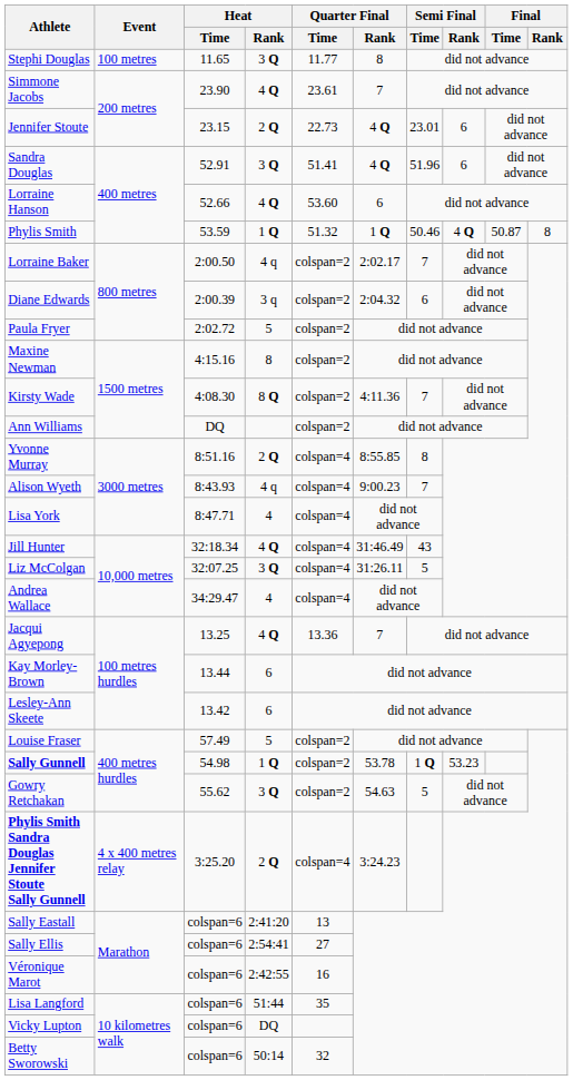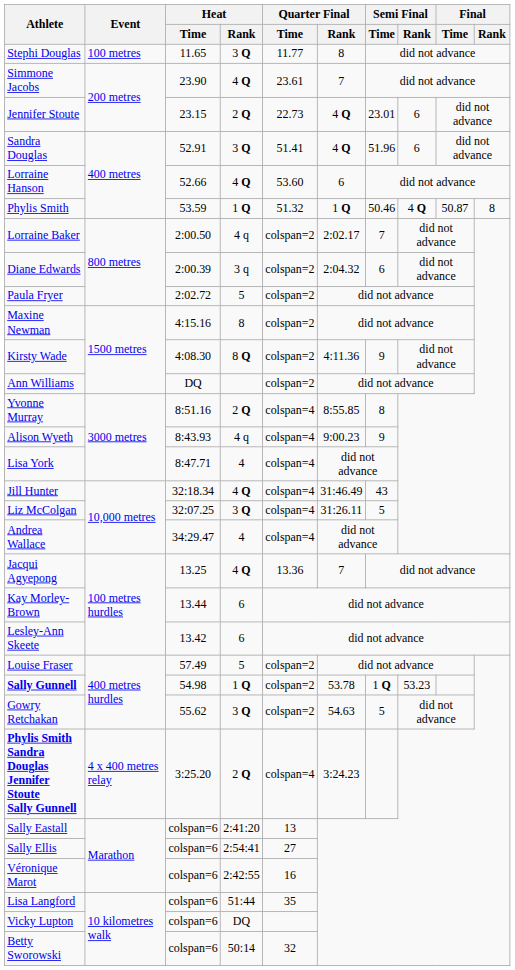 <table class=wikitable style="font-size:90%">
 <tr>
 <th rowspan="2">Athlete</th>
 <th rowspan="2">Event</th>
 <th colspan="2">Heat</th>
 <th colspan="2">Quarter Final</th>
 <th colspan="2">Semi Final</th>
 <th colspan="2">Final</th>
 </tr>
 <tr>
 <th>Time</th>
 <th>Rank</th>
 <th>Time</th>
 <th>Rank</th>
 <th>Time</th>
 <th>Rank</th>
 <th>Time</th>
 <th>Rank</th>
 </tr>
 <tr style="text-align:center">
 <td style="text-align:left"><a href='#'>Stephi Douglas</a></td>
 <td style="text-align:left"><a href='#'>100 metres</a></td>
 <td>11.65</td>
 <td>3 <strong>Q</strong></td>
 <td>11.77</td>
 <td>8</td>
 <td colspan=4>did not advance</td>
 </tr>
 <tr style="text-align:center">
 <td style="text-align:left"><a href='#'>Simmone Jacobs</a></td>
 <td style="text-align:left" rowspan=2><a href='#'>200 metres</a></td>
 <td>23.90</td>
 <td>4 <strong>Q</strong></td>
 <td>23.61</td>
 <td>7</td>
 <td colspan=4>did not advance</td>
 </tr>
 <tr style="text-align:center">
 <td style="text-align:left"><a href='#'>Jennifer Stoute</a></td>
 <td>23.15</td>
 <td>2 <strong>Q</strong></td>
 <td>22.73</td>
 <td>4 <strong>Q</strong></td>
 <td>23.01</td>
 <td>6</td>
 <td colspan=2>did not advance</td>
 </tr>
 <tr style="text-align:center">
 <td style="text-align:left"><a href='#'>Sandra Douglas</a></td>
 <td style="text-align:left" rowspan=3><a href='#'>400 metres</a></td>
 <td>52.91</td>
 <td>3 <strong>Q</strong></td>
 <td>51.41</td>
 <td>4 <strong>Q</strong></td>
 <td>51.96</td>
 <td>6</td>
 <td colspan=2>did not advance</td>
 </tr>
 <tr style="text-align:center">
 <td style="text-align:left"><a href='#'>Lorraine Hanson</a></td>
 <td>52.66</td>
 <td>4 <strong>Q</strong></td>
 <td>53.60</td>
 <td>6</td>
 <td colspan=4>did not advance</td>
 </tr>
 <tr style="text-align:center">
 <td style="text-align:left"><a href='#'>Phylis Smith</a></td>
 <td>53.59</td>
 <td>1 <strong>Q</strong></td>
 <td>51.32</td>
 <td>1 <strong>Q</strong></td>
 <td>50.46</td>
 <td>4 <strong>Q</strong></td>
 <td>50.87</td>
 <td>8</td>
 </tr>
 <tr style="text-align:center">
 <td style="text-align:left"><a href='#'>Lorraine Baker</a></td>
 <td style="text-align:left" rowspan=3><a href='#'>800 metres</a></td>
 <td>2:00.50</td>
 <td>4 q</td>
 <td>colspan=2</td>
 <td>2:02.17</td>
 <td>7</td>
 <td colspan=2>did not advance</td>
 </tr>
 <tr style="text-align:center">
 <td style="text-align:left"><a href='#'>Diane Edwards</a></td>
 <td>2:00.39</td>
 <td>3 q</td>
 <td>colspan=2</td>
 <td>2:04.32</td>
 <td>6</td>
 <td colspan=2>did not advance</td>
 </tr>
 <tr style="text-align:center">
 <td style="text-align:left"><a href='#'>Paula Fryer</a></td>
 <td>2:02.72</td>
 <td>5</td>
 <td>colspan=2</td>
 <td colspan=4>did not advance</td>
 </tr>
 <tr style="text-align:center">
 <td style="text-align:left"><a href='#'>Maxine Newman</a></td>
 <td style="text-align:left" rowspan=3><a href='#'>1500 metres</a></td>
 <td>4:15.16</td>
 <td>8</td>
 <td>colspan=2</td>
 <td colspan=4>did not advance</td>
 </tr>
 <tr style="text-align:center">
 <td style="text-align:left"><a href='#'>Kirsty Wade</a></td>
 <td>4:08.30</td>
 <td>8 <strong>Q</strong></td>
 <td>colspan=2</td>
 <td>4:11.36</td>
-<td>7</td>
+<td>9</td>
 <td colspan=2>did not advance</td>
 </tr>
 <tr style="text-align:center">
 <td style="text-align:left"><a href='#'>Ann Williams</a></td>
 <td>DQ</td>
 <td></td>
 <td>colspan=2</td>
 <td colspan=4>did not advance</td>
 </tr>
 <tr style="text-align:center">
 <td style="text-align:left"><a href='#'>Yvonne Murray</a></td>
 <td style="text-align:left" rowspan=3><a href='#'>3000 metres</a></td>
 <td>8:51.16</td>
 <td>2 <strong>Q</strong></td>
 <td>colspan=4</td>
 <td>8:55.85</td>
 <td>8</td>
 </tr>
 <tr style="text-align:center">
 <td style="text-align:left"><a href='#'>Alison Wyeth</a></td>
 <td>8:43.93</td>
 <td>4 q</td>
 <td>colspan=4</td>
 <td>9:00.23</td>
-<td>7</td>
+<td>9</td>
 </tr>
 <tr style="text-align:center">
 <td style="text-align:left"><a href='#'>Lisa York</a></td>
 <td>8:47.71</td>
 <td>4</td>
 <td>colspan=4</td>
 <td colspan=2>did not advance</td>
 </tr>
 <tr style="text-align:center">
 <td style="text-align:left"><a href='#'>Jill Hunter</a></td>
 <td style="text-align:left" rowspan=3><a href='#'>10,000 metres</a></td>
 <td>32:18.34</td>
 <td>4 <strong>Q</strong></td>
 <td>colspan=4</td>
 <td>31:46.49</td>
 <td>43</td>
 </tr>
 <tr style="text-align:center">
 <td style="text-align:left"><a href='#'>Liz McColgan</a></td>
 <td>32:07.25</td>
 <td>3 <strong>Q</strong></td>
 <td>colspan=4</td>
 <td>31:26.11</td>
 <td>5</td>
 </tr>
 <tr style="text-align:center">
 <td style="text-align:left"><a href='#'>Andrea Wallace</a></td>
 <td>34:29.47</td>
 <td>4</td>
 <td>colspan=4</td>
 <td colspan=2>did not advance</td>
 </tr>
 <tr style="text-align:center">
 <td style="text-align:left"><a href='#'>Jacqui Agyepong</a></td>
 <td style="text-align:left" rowspan=3><a href='#'>100 metres hurdles</a></td>
 <td>13.25</td>
 <td>4 <strong>Q</strong></td>
 <td>13.36</td>
 <td>7</td>
 <td colspan=4>did not advance</td>
 </tr>
 <tr style="text-align:center">
 <td style="text-align:left"><a href='#'>Kay Morley-Brown</a></td>
 <td>13.44</td>
 <td>6</td>
 <td colspan=6>did not advance</td>
 </tr>
 <tr style="text-align:center">
 <td style="text-align:left"><a href='#'>Lesley-Ann Skeete</a></td>
 <td>13.42</td>
 <td>6</td>
 <td colspan=6>did not advance</td>
 </tr>
 <tr style="text-align:center">
 <td style="text-align:left"><a href='#'>Louise Fraser</a></td>
 <td style="text-align:left" rowspan=3><a href='#'>400 metres hurdles</a></td>
 <td>57.49</td>
 <td>5</td>
 <td>colspan=2</td>
 <td colspan=4>did not advance</td>
 </tr>
 <tr style="text-align:center">
 <td style="text-align:left"><strong><a href='#'>Sally Gunnell</a></strong></td>
 <td>54.98</td>
 <td>1 <strong>Q</strong></td>
 <td>colspan=2</td>
 <td>53.78</td>
 <td>1 <strong>Q</strong></td>
 <td>53.23</td>
 <td></td>
 </tr>
 <tr style="text-align:center">
 <td style="text-align:left"><a href='#'>Gowry Retchakan</a></td>
 <td>55.62</td>
 <td>3 <strong>Q</strong></td>
 <td>colspan=2</td>
 <td>54.63</td>
 <td>5</td>
 <td colspan=2>did not advance</td>
 </tr>
 <tr style="text-align:center">
 <td style="text-align:left"><strong><a href='#'>Phylis Smith</a><br><a href='#'>Sandra Douglas</a><br><a href='#'>Jennifer Stoute</a><br><a href='#'>Sally Gunnell</a></strong></td>
 <td style="text-align:left"><a href='#'>4 x 400 metres relay</a></td>
 <td>3:25.20</td>
 <td>2 <strong>Q</strong></td>
 <td>colspan=4</td>
 <td>3:24.23</td>
 <td></td>
 </tr>
 <tr style="text-align:center">
 <td style="text-align:left"><a href='#'>Sally Eastall</a></td>
 <td style="text-align:left" rowspan=3><a href='#'>Marathon</a></td>
 <td>colspan=6</td>
 <td>2:41:20</td>
 <td>13</td>
 </tr>
 <tr style="text-align:center">
 <td style="text-align:left"><a href='#'>Sally Ellis</a></td>
 <td>colspan=6</td>
 <td>2:54:41</td>
 <td>27</td>
 </tr>
 <tr style="text-align:center">
 <td style="text-align:left"><a href='#'>Véronique Marot</a></td>
 <td>colspan=6</td>
 <td>2:42:55</td>
 <td>16</td>
 </tr>
 <tr style="text-align:center">
 <td style="text-align:left"><a href='#'>Lisa Langford</a></td>
 <td style="text-align:left" rowspan=3><a href='#'>10 kilometres walk</a></td>
 <td>colspan=6</td>
 <td>51:44</td>
 <td>35</td>
 </tr>
 <tr style="text-align:center">
 <td style="text-align:left"><a href='#'>Vicky Lupton</a></td>
 <td>colspan=6</td>
 <td>DQ</td>
 <td></td>
 </tr>
 <tr style="text-align:center">
 <td style="text-align:left"><a href='#'>Betty Sworowski</a></td>
 <td>colspan=6</td>
 <td>50:14</td>
 <td>32</td>
 </tr>
 </table>
